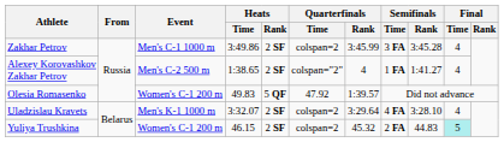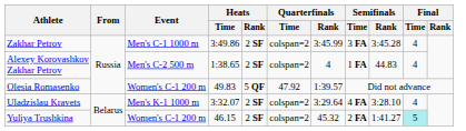 <table class=wikitable style="text-align:center; font-size:90%">
 <tr>
 <th rowspan=2>Athlete</th>
 <th rowspan=2>From</th>
 <th rowspan=2>Event</th>
 <th colspan=2>Heats</th>
 <th colspan=2>Quarterfinals</th>
 <th colspan=2>Semifinals</th>
 <th colspan=2>Final</th>
 </tr>
 <tr style="font-size:95%">
 <th>Time</th>
 <th>Rank</th>
 <th>Time</th>
 <th>Rank</th>
 <th>Time</th>
 <th>Rank</th>
 <th>Time</th>
 <th>Rank</th>
 </tr>
 <tr>
 <td align=left><a href='#'>Zakhar Petrov</a></td>
 <td rowspan=3>Russia</td>
 <td align=left><a href='#'>Men's C-1 1000 m</a></td>
 <td>3:49.86</td>
 <td>2 <strong>SF</strong></td>
 <td>colspan=2 </td>
 <td>3:45.99</td>
 <td>3 <strong>FA</strong></td>
 <td>3:45.28</td>
 <td>4</td>
 </tr>
 <tr>
 <td align=left><a href='#'>Alexey Korovashkov</a> <br> <a href='#'>Zakhar Petrov</a></td>
 <td align=left><a href='#'>Men's C-2 500 m</a></td>
 <td>1:38.65</td>
 <td>2 <strong>SF</strong></td>
-<td>colspan="2" </td>
+<td>colspan=2 </td>
 <td>4</td>
 <td>1 <strong>FA</strong></td>
-<td>1:41.27</td>
+<td>44.83</td>
 <td>4</td>
 </tr>
 <tr>
 <td align=left><a href='#'>Olesia Romasenko</a></td>
 <td align=left><a href='#'>Women's C-1 200 m</a></td>
 <td>49.83</td>
 <td>5 <strong>QF</strong></td>
 <td>47.92</td>
 <td>1:39.57</td>
 <td colspan=4>Did not advance</td>
 </tr>
 <tr>
 <td align=left><a href='#'>Uladzislau Kravets</a></td>
 <td rowspan=2>Belarus</td>
 <td align=left><a href='#'>Men's K-1 1000 m</a></td>
 <td>3:32.07</td>
 <td>2 <strong>SF</strong></td>
 <td>colspan=2 </td>
 <td>3:29.64</td>
 <td>4 <strong>FA</strong></td>
 <td>3:28.10</td>
 <td>4</td>
 </tr>
 <tr>
 <td align=left><a href='#'>Yuliya Trushkina</a></td>
 <td align=left><a href='#'>Women's C-1 200 m</a></td>
 <td>46.15</td>
 <td>2 <strong>SF</strong></td>
 <td>colspan=2 </td>
 <td>45.32</td>
 <td>2 <strong>FA</strong></td>
-<td>44.83</td>
+<td>1:41.27</td>
 <td style="background: paleturquoise;">5</td>
 </tr>
 </table>
